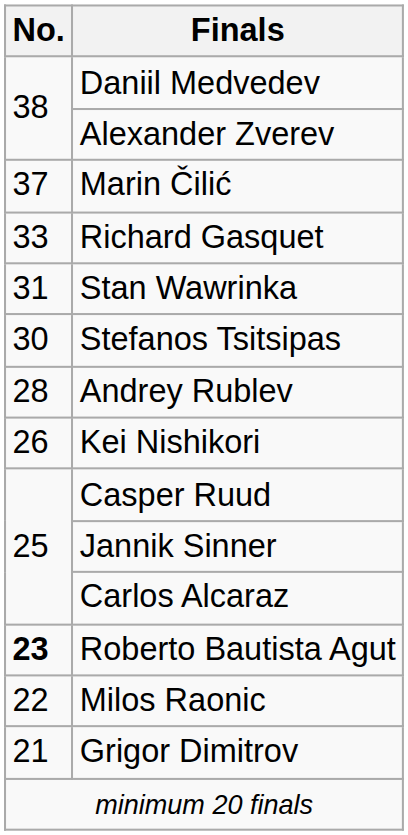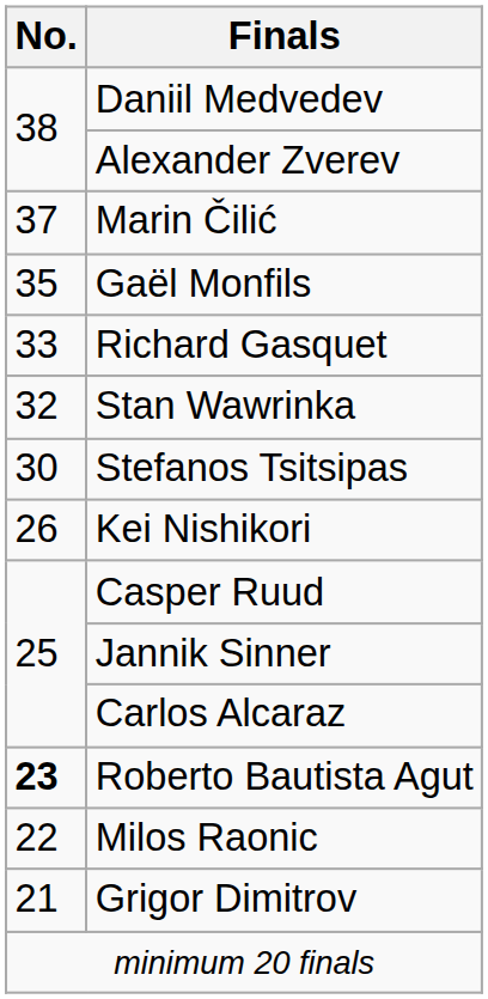 <table class="wikitable" style="display: inline-table;">
 <tr>
 <th width=20>No.</th>
 <th>Finals</th>
 </tr>
 <tr>
 <td rowspan="2">38</td>
 <td> Daniil Medvedev</td>
 </tr>
 <tr>
 <td> Alexander Zverev</td>
 </tr>
 <tr>
 <td>37</td>
 <td> Marin Čilić</td>
 </tr>
 <tr>
+<td>35</td>
+<td> Gaël Monfils</td>
+</tr>
+<tr>
 <td>33</td>
 <td> Richard Gasquet</td>
 </tr>
 <tr>
-<td>31</td>
+<td>32</td>
 <td> Stan Wawrinka</td>
 </tr>
 <tr>
 <td>30</td>
 <td> Stefanos Tsitsipas</td>
-</tr>
-<tr>
-<td>28</td>
-<td> Andrey Rublev</td>
 </tr>
 <tr>
 <td>26</td>
 <td> Kei Nishikori</td>
 </tr>
 <tr>
 <td rowspan="3">25</td>
 <td> Casper Ruud</td>
 </tr>
 <tr>
 <td> Jannik Sinner</td>
 </tr>
 <tr>
 <td> Carlos Alcaraz</td>
 </tr>
 <tr>
 <td><strong>23</strong></td>
 <td> Roberto Bautista Agut</td>
 </tr>
 <tr>
 <td>22</td>
 <td> Milos Raonic</td>
 </tr>
 <tr>
 <td>21</td>
 <td> Grigor Dimitrov</td>
 </tr>
 <tr>
 <td colspan="2" style="text-align: center;"><small><em>minimum 20 finals</em></small></td>
 </tr>
 </table>
